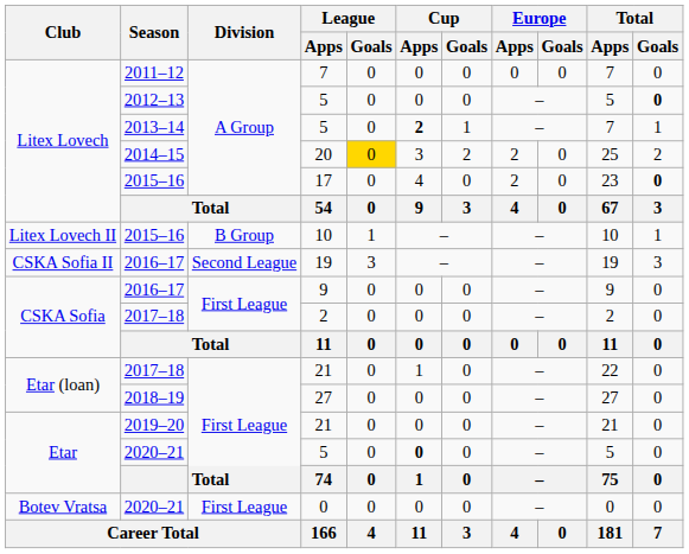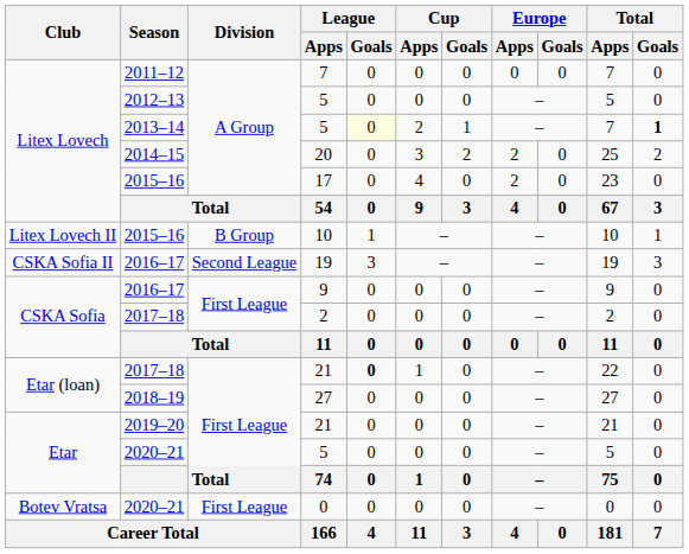 <table class="wikitable" style="font-size:100%; text-align: center">
 <tr>
 <th rowspan=2>Club</th>
 <th rowspan=2>Season</th>
 <th rowspan="2">Division</th>
 <th colspan=2>League</th>
 <th colspan=2>Cup</th>
 <th colspan=2><a href='#'>Europe</a></th>
 <th colspan=2>Total</th>
 </tr>
 <tr>
 <th>Apps</th>
 <th>Goals</th>
 <th>Apps</th>
 <th>Goals</th>
 <th>Apps</th>
 <th>Goals</th>
 <th>Apps</th>
 <th>Goals</th>
 </tr>
 <tr>
 <td rowspan=6><a href='#'>Litex Lovech</a></td>
 <td><a href='#'>2011–12</a></td>
 <td rowspan="5"><a href='#'>A Group</a></td>
 <td>7</td>
 <td>0</td>
 <td>0</td>
 <td>0</td>
 <td>0</td>
 <td>0</td>
 <td>7</td>
 <td>0</td>
 </tr>
 <tr>
 <td><a href='#'>2012–13</a></td>
 <td>5</td>
 <td>0</td>
 <td>0</td>
 <td>0</td>
 <td colspan="2">–</td>
 <td>5</td>
-<td><strong>0</strong></td>
+<td>0</td>
 </tr>
 <tr>
 <td><a href='#'>2013–14</a></td>
 <td>5</td>
-<td>0</td>
-<td><strong>2</strong></td>
+<td style="background: lightyellow;">0</td>
+<td>2</td>
 <td>1</td>
 <td colspan="2">–</td>
 <td>7</td>
-<td>1</td>
+<td><strong>1</strong></td>
 </tr>
 <tr>
 <td><a href='#'>2014–15</a></td>
 <td>20</td>
-<td style="background: gold;">0</td>
+<td>0</td>
 <td>3</td>
 <td>2</td>
 <td>2</td>
 <td>0</td>
 <td>25</td>
 <td>2</td>
 </tr>
 <tr>
 <td><a href='#'>2015–16</a></td>
 <td>17</td>
 <td>0</td>
 <td>4</td>
 <td>0</td>
 <td>2</td>
 <td>0</td>
 <td>23</td>
-<td><strong>0</strong></td>
+<td>0</td>
 </tr>
 <tr>
 <th colspan=2>Total</th>
 <th>54</th>
 <th>0</th>
 <th>9</th>
 <th>3</th>
 <th>4</th>
 <th>0</th>
 <th>67</th>
 <th>3</th>
 </tr>
 <tr>
 <td rowspan=1><a href='#'>Litex Lovech II</a></td>
 <td><a href='#'>2015–16</a></td>
 <td rowspan="1"><a href='#'>B Group</a></td>
 <td>10</td>
 <td>1</td>
 <td colspan="2">–</td>
 <td colspan="2">–</td>
 <td>10</td>
 <td>1</td>
 </tr>
 <tr>
 <td rowspan=1><a href='#'>CSKA Sofia II</a></td>
 <td><a href='#'>2016–17</a></td>
 <td rowspan="1"><a href='#'>Second League</a></td>
 <td>19</td>
 <td>3</td>
 <td colspan="2">–</td>
 <td colspan="2">–</td>
 <td>19</td>
 <td>3</td>
 </tr>
 <tr>
 <td rowspan=3><a href='#'>CSKA Sofia</a></td>
 <td><a href='#'>2016–17</a></td>
 <td rowspan="2"><a href='#'>First League</a></td>
 <td>9</td>
 <td>0</td>
 <td>0</td>
 <td>0</td>
 <td colspan="2">–</td>
 <td>9</td>
 <td>0</td>
 </tr>
 <tr>
 <td><a href='#'>2017–18</a></td>
 <td>2</td>
 <td>0</td>
 <td>0</td>
 <td>0</td>
 <td colspan="2">–</td>
 <td>2</td>
 <td>0</td>
 </tr>
 <tr>
 <th colspan=2>Total</th>
 <th>11</th>
 <th>0</th>
 <th>0</th>
 <th>0</th>
 <th>0</th>
 <th>0</th>
 <th>11</th>
 <th>0</th>
 </tr>
 <tr>
 <td rowspan=2><a href='#'>Etar</a> (loan)</td>
 <td><a href='#'>2017–18</a></td>
 <td rowspan="5"><a href='#'>First League</a></td>
 <td>21</td>
-<td>0</td>
+<td><strong>0</strong></td>
 <td>1</td>
 <td>0</td>
 <td colspan="2">–</td>
 <td>22</td>
 <td>0</td>
 </tr>
 <tr>
 <td><a href='#'>2018–19</a></td>
 <td>27</td>
 <td>0</td>
 <td>0</td>
 <td>0</td>
 <td colspan="2">–</td>
 <td>27</td>
 <td>0</td>
 </tr>
 <tr>
 <td rowspan=3><a href='#'>Etar</a></td>
 <td><a href='#'>2019–20</a></td>
 <td>21</td>
 <td>0</td>
 <td>0</td>
 <td>0</td>
 <td colspan="2">–</td>
 <td>21</td>
 <td>0</td>
 </tr>
 <tr>
 <td><a href='#'>2020–21</a></td>
 <td>5</td>
 <td>0</td>
-<td><strong>0</strong></td>
+<td>0</td>
 <td>0</td>
 <td colspan="2">–</td>
 <td>5</td>
 <td>0</td>
 </tr>
 <tr>
 <th colspan=2>Total</th>
 <th>74</th>
 <th>0</th>
 <th>1</th>
 <th>0</th>
 <th colspan="2">–</th>
 <th>75</th>
 <th>0</th>
 </tr>
 <tr>
 <td><a href='#'>Botev Vratsa</a></td>
 <td><a href='#'>2020–21</a></td>
 <td><a href='#'>First League</a></td>
 <td>0</td>
 <td>0</td>
 <td>0</td>
 <td>0</td>
 <td colspan="2">–</td>
 <td>0</td>
 <td>0</td>
 </tr>
 <tr>
 <th colspan=3>Career Total</th>
 <th>166</th>
 <th>4</th>
 <th>11</th>
 <th>3</th>
 <th>4</th>
 <th>0</th>
 <th>181</th>
 <th>7</th>
 </tr>
 </table>
